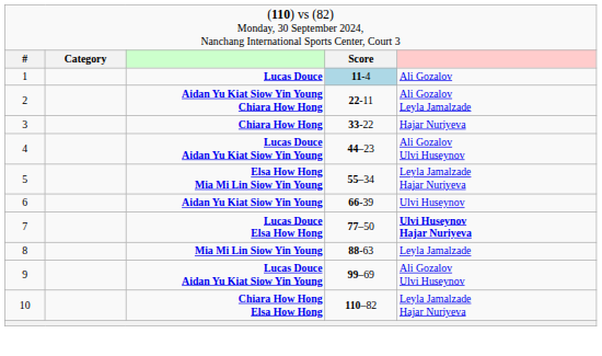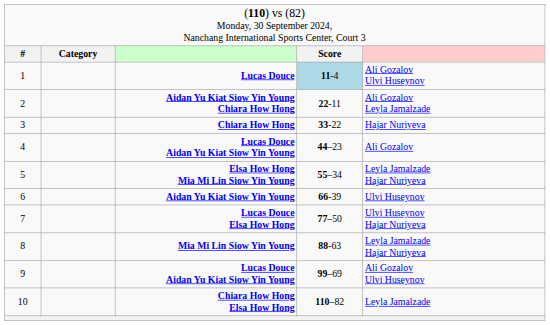 <table class="wikitable mw-collapsible mw-collapsed" style="font-size:90%; text-align:center" width="90%">
 <tr>
 <td colspan="5"><big>(<strong>110</strong>) <strong></strong> vs  (82)</big><br>Monday, 30 September 2024, <br>Nanchang International Sports Center, Court 3</td>
 </tr>
 <tr>
 <th width="25">#</th>
 <th width="50">Category</th>
 <th style="background-color:#CCFFCC" width="150"></th>
 <th width="50">Score<br></th>
 <th style="background-color:#FFCCCC" width="150"></th>
 </tr>
 <tr>
 <td>1</td>
 <td></td>
 <td align="right"><strong><a href='#'>Lucas Douce</a> </strong></td>
 <td style="background: lightblue;"><strong>11</strong>-4<br></td>
-<td align="left"> <a href='#'>Ali Gozalov</a></td>
+<td align="left"> <a href='#'>Ali Gozalov</a><br> <a href='#'>Ulvi Huseynov</a></td>
 </tr>
 <tr>
 <td>2</td>
 <td></td>
 <td align="right"><strong><a href='#'>Aidan Yu Kiat Siow Yin Young</a> <br><a href='#'>Chiara How Hong</a> </strong></td>
 <td><strong>22</strong>-11<br></td>
 <td align="left"> <a href='#'>Ali Gozalov</a><br> <a href='#'>Leyla Jamalzade</a></td>
 </tr>
 <tr>
 <td>3</td>
 <td></td>
 <td align="right"><strong><a href='#'>Chiara How Hong</a> </strong></td>
 <td><strong>33</strong>-22<br></td>
 <td align="left"> <a href='#'>Hajar Nuriyeva</a></td>
 </tr>
 <tr>
 <td>4</td>
 <td></td>
 <td align="right"><strong><a href='#'>Lucas Douce</a> <br><a href='#'>Aidan Yu Kiat Siow Yin Young</a> </strong></td>
 <td><strong>44</strong>–23<br></td>
-<td align="left"> <a href='#'>Ali Gozalov</a><br> <a href='#'>Ulvi Huseynov</a></td>
+<td align="left"> <a href='#'>Ali Gozalov</a></td>
 </tr>
 <tr>
 <td>5</td>
 <td></td>
 <td align="right"><strong><a href='#'>Elsa How Hong</a> <br><a href='#'>Mia Mi Lin Siow Yin Young</a> </strong></td>
 <td><strong>55</strong>–34<br></td>
 <td align="left"> <a href='#'>Leyla Jamalzade</a><br> <a href='#'>Hajar Nuriyeva</a></td>
 </tr>
 <tr>
 <td>6</td>
 <td></td>
 <td align="right"><strong><a href='#'>Aidan Yu Kiat Siow Yin Young</a> </strong></td>
 <td><strong>66</strong>-39<br></td>
 <td align="left"> <a href='#'>Ulvi Huseynov</a></td>
 </tr>
 <tr>
 <td>7</td>
 <td></td>
 <td align="right"><strong><a href='#'>Lucas Douce</a> <br><a href='#'>Elsa How Hong</a> </strong></td>
 <td><strong>77</strong>–50<br></td>
-<td align="left"><strong> <a href='#'>Ulvi Huseynov</a><br> <a href='#'>Hajar Nuriyeva</a></strong></td>
+<td align="left"> <a href='#'>Ulvi Huseynov</a><br> <a href='#'>Hajar Nuriyeva</a></td>
 </tr>
 <tr>
 <td>8</td>
 <td></td>
 <td align="right"><strong><a href='#'>Mia Mi Lin Siow Yin Young</a> </strong></td>
 <td><strong>88</strong>-63<br></td>
-<td align="left"> <a href='#'>Leyla Jamalzade</a></td>
+<td align="left"> <a href='#'>Leyla Jamalzade</a><br> <a href='#'>Hajar Nuriyeva</a></td>
 </tr>
 <tr>
 <td>9</td>
 <td></td>
 <td align="right"><strong><a href='#'>Lucas Douce</a> <br><a href='#'>Aidan Yu Kiat Siow Yin Young</a> </strong></td>
 <td><strong>99</strong>–69<br></td>
 <td align="left"> <a href='#'>Ali Gozalov</a><br> <a href='#'>Ulvi Huseynov</a></td>
 </tr>
 <tr>
 <td>10</td>
 <td></td>
 <td align="right"><strong><a href='#'>Chiara How Hong</a> <br><a href='#'>Elsa How Hong</a> </strong></td>
 <td><strong>110</strong>–82<br></td>
-<td align="left"> <a href='#'>Leyla Jamalzade</a><br> <a href='#'>Hajar Nuriyeva</a></td>
+<td align="left"> <a href='#'>Leyla Jamalzade</a></td>
 </tr>
 <tr>
 <th colspan="5"></th>
 </tr>
 </table>
